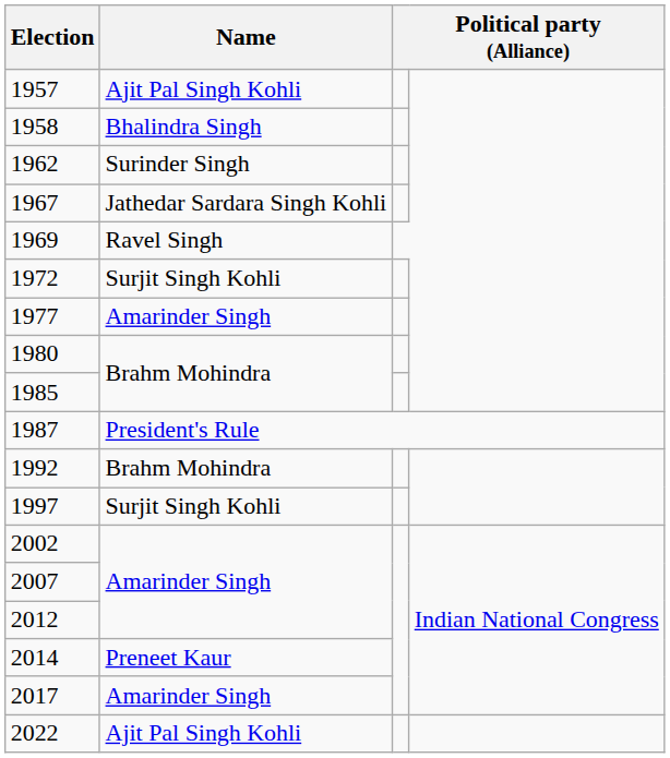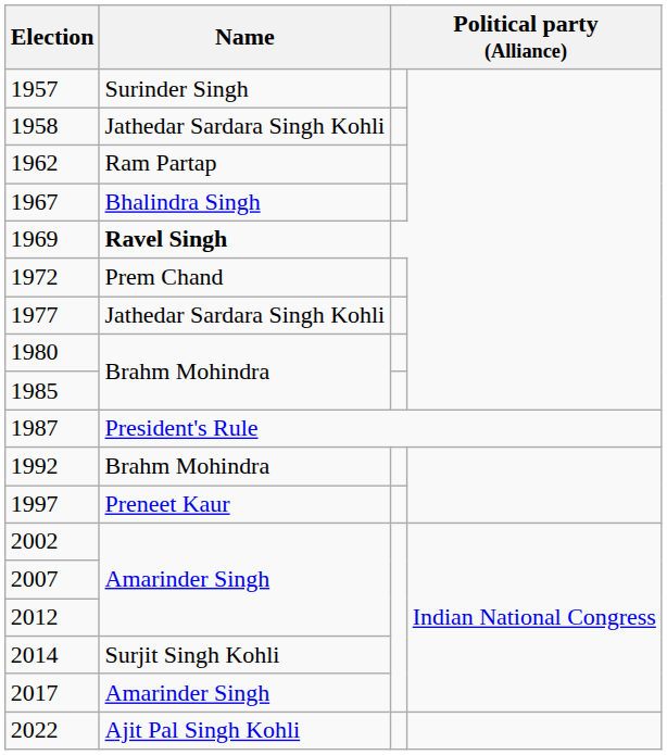 <table class="wikitable sortable">
 <tr align="Left">
 <th>Election</th>
 <th>Name</th>
 <th colspan=2>Political party<br><small>(Alliance)</small></th>
 </tr>
 <tr align="Left">
 <td>1957</td>
-<td><a href='#'>Ajit Pal Singh Kohli</a></td>
+<td>Surinder Singh</td>
 <td></td>
 </tr>
 <tr align="Left">
 <td>1958</td>
+<td>Jathedar Sardara Singh Kohli</td>
+<td></td>
+</tr>
+<tr align="Left">
+<td>1962</td>
+<td>Ram Partap</td>
+<td></td>
+</tr>
+<tr align="Left">
+<td>1967</td>
 <td><a href='#'>Bhalindra Singh</a></td>
 <td></td>
 </tr>
 <tr align="Left">
-<td>1962</td>
-<td>Surinder Singh</td>
-<td></td>
-</tr>
-<tr align="Left">
-<td>1967</td>
-<td>Jathedar Sardara Singh Kohli</td>
-<td></td>
-</tr>
-<tr align="Left">
 <td>1969</td>
-<td>Ravel Singh</td>
+<td><strong>Ravel Singh</strong></td>
 </tr>
 <tr align="Left">
 <td>1972</td>
-<td>Surjit Singh Kohli</td>
+<td>Prem Chand</td>
 <td></td>
 </tr>
 <tr align="Left">
 <td>1977</td>
-<td><a href='#'>Amarinder Singh</a></td>
+<td>Jathedar Sardara Singh Kohli</td>
 <td></td>
 </tr>
 <tr align="Left">
 <td>1980</td>
 <td rowspan="2">Brahm Mohindra</td>
 <td></td>
 </tr>
 <tr align="Left">
 <td>1985</td>
 <td></td>
 </tr>
 <tr align="Left">
 <td>1987</td>
 <td colspan="3"><a href='#'>President's Rule</a></td>
 </tr>
 <tr align="Left">
 <td>1992</td>
 <td>Brahm Mohindra</td>
 <td></td>
 </tr>
 <tr align="Left">
 <td>1997</td>
-<td>Surjit Singh Kohli</td>
+<td><a href='#'>Preneet Kaur</a></td>
 <td></td>
 </tr>
 <tr align="Left">
 <td>2002</td>
 <td rowspan="3"><a href='#'>Amarinder Singh</a></td>
 <td rowspan="5" width="4px" style="background-color:"></td>
 <td rowspan="5"><a href='#'>Indian National Congress</a></td>
 </tr>
 <tr align="Left">
 <td>2007</td>
 </tr>
 <tr align="Left">
 <td>2012</td>
 </tr>
 <tr align="Left">
 <td>2014</td>
-<td><a href='#'>Preneet Kaur</a></td>
+<td>Surjit Singh Kohli</td>
 </tr>
 <tr align="Left">
 <td>2017</td>
 <td><a href='#'>Amarinder Singh</a></td>
 </tr>
 <tr align="Left">
 <td>2022</td>
 <td><a href='#'>Ajit Pal Singh Kohli</a></td>
 <td></td>
 </tr>
 </table>
